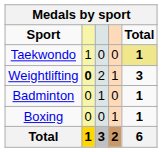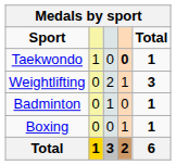 <table class=wikitable style="font-size:85%; float:right">
 <tr bgcolor=efefef>
 <th colspan=7><strong>Medals by sport</strong></th>
 </tr>
 <tr align=center>
 <td><strong>Sport</strong></td>
 <td bgcolor=f7f6a8></td>
 <td bgcolor=dce5e5></td>
 <td bgcolor=ffdab9></td>
 <td><strong>Total</strong></td>
 </tr>
 <tr align=center>
 <td><a href='#'>Taekwondo</a></td>
 <td style="background:#F7F6A8;">1</td>
 <td style="background:#DCE5E5;">0</td>
-<td style="background:#FFDAB9;">0</td>
-<td style="background: khaki;"><strong>1</strong></td>
+<td style="background:#FFDAB9;"><strong>0</strong></td>
+<td><strong>1</strong></td>
 </tr>
 <tr align=center>
 <td><a href='#'>Weightlifting</a></td>
-<td style="background:#F7F6A8;"><strong>0</strong></td>
+<td style="background:#F7F6A8;">0</td>
 <td style="background:#DCE5E5;">2</td>
 <td style="background:#FFDAB9;">1</td>
 <td><strong>3</strong></td>
 </tr>
 <tr align=center>
 <td><a href='#'>Badminton</a></td>
 <td style="background:#F7F6A8;">0</td>
 <td style="background:#DCE5E5;">1</td>
 <td style="background:#FFDAB9;">0</td>
 <td><strong>1</strong></td>
 </tr>
 <tr align=center>
 <td><a href='#'>	Boxing</a></td>
 <td style="background:#F7F6A8;">0</td>
 <td style="background:#DCE5E5;">0</td>
 <td style="background:#FFDAB9;">1</td>
 <td><strong>1</strong></td>
 </tr>
 <tr align=center>
 <th>Total</th>
 <th style="background:gold">1</th>
 <th style="background:silver">3</th>
 <th style="background:#c96">2</th>
 <th>6</th>
 </tr>
 </table>
